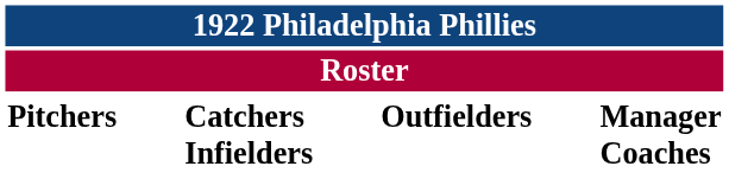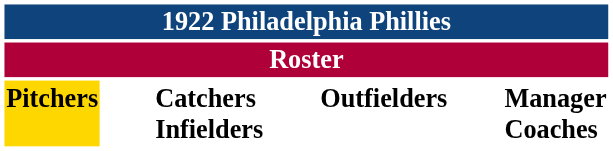 <table class="toccolours" style="font-size: 95%;">
 <tr>
 <th colspan="10" style="background-color: #0f437c; color: white; text-align: center;">1922 Philadelphia Phillies</th>
 </tr>
 <tr>
 <td colspan="10" style="background-color: #af0039; color: white; text-align: center;"><strong>Roster</strong></td>
 </tr>
 <tr>
-<td valign="top"><strong>Pitchers</strong><br>           </td>
+<td valign="top" style="background: gold;"><strong>Pitchers</strong><br>           </td>
 <td width="25px"></td>
 <td valign="top"><strong>Catchers</strong><br>   <strong>Infielders</strong>       </td>
 <td width="25px"></td>
 <td valign="top"><strong>Outfielders</strong><br>     </td>
 <td width="25px"></td>
 <td valign="top"><strong>Manager</strong><br> <strong>Coaches</strong> </td>
 </tr>
 </table>
